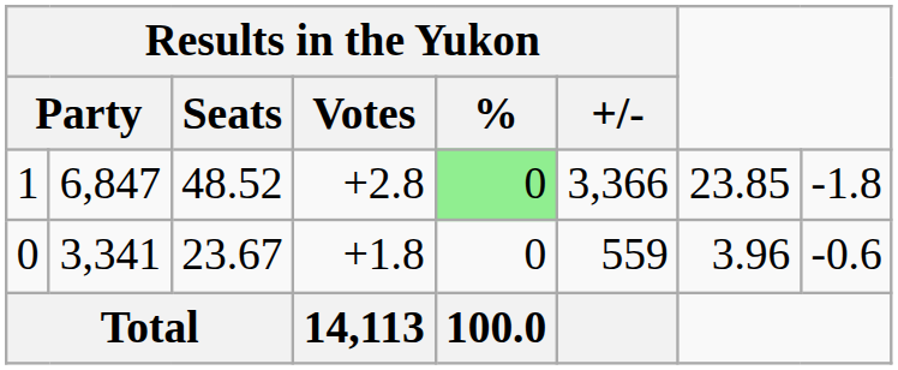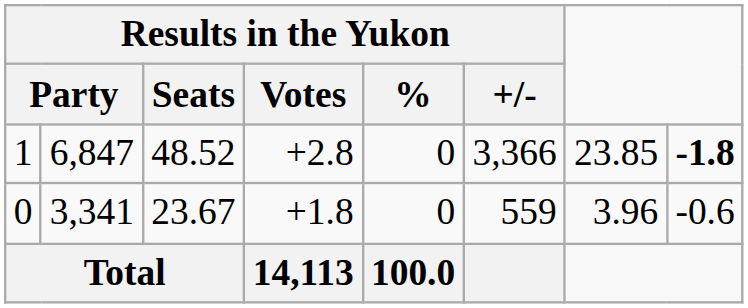 <table class="wikitable">
 <tr>
 <th align="center" colspan=6>Results in the Yukon</th>
 </tr>
 <tr>
 <th align="centre" colspan=2>Party</th>
 <th align="right">Seats</th>
 <th align="right">Votes</th>
 <th align="right">%</th>
 <th align="right">+/-</th>
 </tr>
 <tr>
 <td align="right">1</td>
 <td align="right">6,847</td>
 <td align="right">48.52</td>
 <td align="right">+2.8<br></td>
-<td align="right" style="background: lightgreen;">0</td>
+<td align="right">0</td>
 <td align="right">3,366</td>
 <td align="right">23.85</td>
-<td align="right">-1.8</td>
+<td align="right"><strong>-1.8</strong></td>
 </tr>
 <tr>
 <td align="right">0</td>
 <td align="right">3,341</td>
 <td align="right">23.67</td>
 <td align="right">+1.8<br></td>
 <td align="right">0</td>
 <td align="right">559</td>
 <td align="right">3.96</td>
 <td align="right">-0.6</td>
 </tr>
 <tr bgcolor="white">
 <th align="left" colspan=3>Total</th>
 <th align="right">14,113</th>
 <th align="right">100.0</th>
 <th align="right"></th>
 </tr>
 </table>
